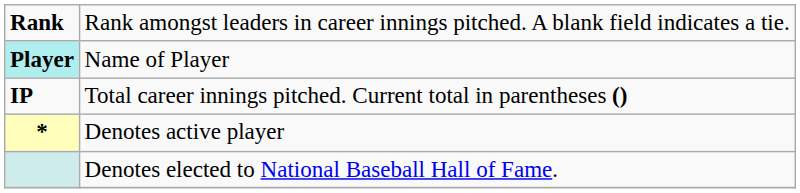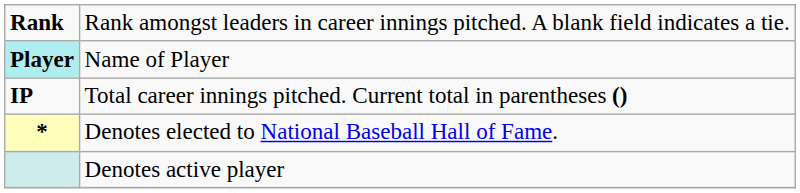 <table class="wikitable">
 <tr>
 <td><strong>Rank</strong></td>
 <td>Rank amongst leaders in career innings pitched.  A blank field indicates a tie.</td>
 </tr>
 <tr>
 <td style="background: paleturquoise;"><strong>Player</strong></td>
 <td>Name of Player</td>
 </tr>
 <tr>
 <td><strong>IP</strong></td>
 <td>Total career innings pitched. Current total in parentheses <strong>()</strong></td>
 </tr>
 <tr>
 <th scope="row" style="background-color:#ffffbb">*</th>
-<td>Denotes active player</td>
+<td>Denotes elected to <a href='#'>National Baseball Hall of Fame</a>. <br></td>
 </tr>
 <tr>
 <td style="background:#cfecec;"></td>
-<td>Denotes elected to <a href='#'>National Baseball Hall of Fame</a>. <br></td>
+<td>Denotes active player</td>
 </tr>
 <tr>
 </tr>
 </table>
